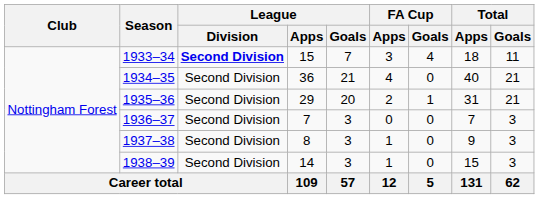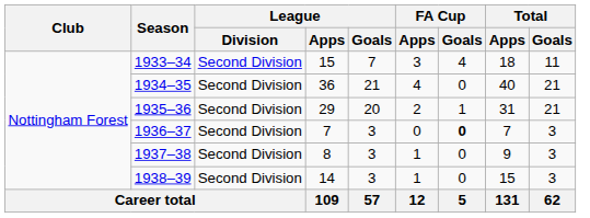 <table class="wikitable" style="text-align: center">
 <tr>
 <th rowspan="2">Club</th>
 <th rowspan="2">Season</th>
 <th colspan="3">League</th>
 <th colspan="2">FA Cup</th>
 <th colspan="2">Total</th>
 </tr>
 <tr>
 <th>Division</th>
 <th>Apps</th>
 <th>Goals</th>
 <th>Apps</th>
 <th>Goals</th>
 <th>Apps</th>
 <th>Goals</th>
 </tr>
 <tr>
 <td rowspan="6"><a href='#'>Nottingham Forest</a></td>
 <td><a href='#'>1933–34</a></td>
-<td><strong><a href='#'>Second Division</a></strong></td>
+<td><a href='#'>Second Division</a></td>
 <td>15</td>
 <td>7</td>
 <td>3</td>
 <td>4</td>
 <td>18</td>
 <td>11</td>
 </tr>
 <tr>
 <td><a href='#'>1934–35</a></td>
 <td>Second Division</td>
 <td>36</td>
 <td>21</td>
 <td>4</td>
 <td>0</td>
 <td>40</td>
 <td>21</td>
 </tr>
 <tr>
 <td><a href='#'>1935–36</a></td>
 <td>Second Division</td>
 <td>29</td>
 <td>20</td>
 <td>2</td>
 <td>1</td>
 <td>31</td>
 <td>21</td>
 </tr>
 <tr>
 <td><a href='#'>1936–37</a></td>
 <td>Second Division</td>
 <td>7</td>
 <td>3</td>
 <td>0</td>
-<td>0</td>
+<td><strong>0</strong></td>
 <td>7</td>
 <td>3</td>
 </tr>
 <tr>
 <td><a href='#'>1937–38</a></td>
 <td>Second Division</td>
 <td>8</td>
 <td>3</td>
 <td>1</td>
 <td>0</td>
 <td>9</td>
 <td>3</td>
 </tr>
 <tr>
 <td><a href='#'>1938–39</a></td>
 <td>Second Division</td>
 <td>14</td>
 <td>3</td>
 <td>1</td>
 <td>0</td>
 <td>15</td>
 <td>3</td>
 </tr>
 <tr>
 <th colspan="3">Career total</th>
 <th>109</th>
 <th>57</th>
 <th>12</th>
 <th>5</th>
 <th>131</th>
 <th>62</th>
 </tr>
 </table>
